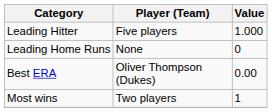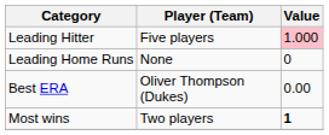 <table class="wikitable">
 <tr>
 <th>Category</th>
 <th width=160>Player (Team)</th>
 <th>Value</th>
 </tr>
 <tr>
 <td>Leading Hitter</td>
 <td>Five players</td>
-<td>1.000</td>
+<td style="background: pink;">1.000</td>
 </tr>
 <tr>
 <td>Leading Home Runs</td>
 <td>None</td>
 <td>0</td>
 </tr>
 <tr>
 <td>Best <a href='#'>ERA</a></td>
 <td>Oliver Thompson (Dukes)</td>
 <td>0.00</td>
 </tr>
 <tr>
 <td>Most wins</td>
 <td>Two players</td>
-<td>1</td>
+<td><strong>1</strong></td>
 </tr>
 <tr>
 </tr>
 </table>
